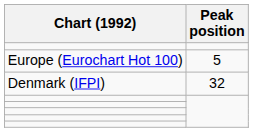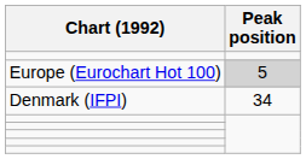 <table class="wikitable sortable plainrowheaders">
 <tr>
 <th>Chart (1992)</th>
 <th>Peak<br>position</th>
 </tr>
 <tr>
 <td></td>
 </tr>
 <tr>
 <td>Europe (<a href='#'>Eurochart Hot 100</a>)</td>
-<td align="center">5</td>
+<td align="center" style="background: lightgrey;">5</td>
 </tr>
 <tr>
 <td>Denmark (<a href='#'>IFPI</a>)</td>
-<td align="center">32</td>
+<td align="center">34</td>
 </tr>
 <tr>
 <td></td>
 </tr>
 <tr>
 <td></td>
 </tr>
 <tr>
 <td></td>
 </tr>
 <tr>
 <td></td>
 </tr>
 <tr>
 <td></td>
 </tr>
 </table>
